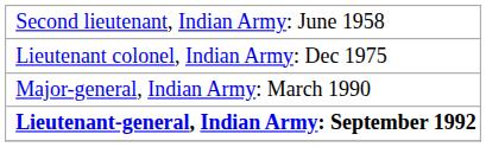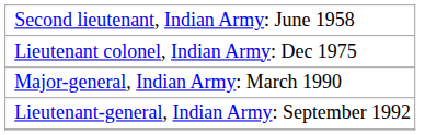 <table class="wikitable" style="background:white;float:center">
 <tr>
 <td> <a href='#'>Second lieutenant</a>, <a href='#'>Indian Army</a>: June 1958</td>
 </tr>
 <tr>
 <td> <a href='#'>Lieutenant colonel</a>, <a href='#'>Indian Army</a>: Dec 1975</td>
 </tr>
 <tr>
 <td> <a href='#'>Major-general</a>, <a href='#'>Indian Army</a>: March 1990</td>
 </tr>
 <tr>
-<td><strong> <a href='#'>Lieutenant-general</a>, <a href='#'>Indian Army</a>: September 1992</strong></td>
+<td> <a href='#'>Lieutenant-general</a>, <a href='#'>Indian Army</a>: September 1992</td>
 </tr>
 <tr>
 </tr>
 </table>
